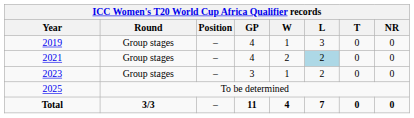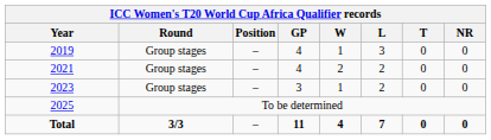 <table class="wikitable" style="text-align: center; width=900px;">
 <tr>
 <th colspan=9><a href='#'>ICC Women's T20 World Cup Africa Qualifier</a> records</th>
 </tr>
 <tr>
 <th width=150>Year</th>
 <th width=150>Round</th>
 <th width=50>Position</th>
 <th width=50>GP</th>
 <th width=50>W</th>
 <th width=50>L</th>
 <th width=50>T</th>
 <th width=50>NR</th>
 </tr>
 <tr>
 <td> <a href='#'>2019</a></td>
 <td>Group stages</td>
 <td>–</td>
 <td>4</td>
 <td>1</td>
 <td>3</td>
 <td>0</td>
 <td>0</td>
 </tr>
 <tr>
 <td> <a href='#'>2021</a></td>
 <td>Group stages</td>
 <td>–</td>
 <td>4</td>
 <td>2</td>
-<td style="background: lightblue;">2</td>
+<td>2</td>
 <td>0</td>
 <td>0</td>
 </tr>
 <tr>
 <td> <a href='#'>2023</a></td>
 <td>Group stages</td>
 <td>–</td>
 <td>3</td>
 <td>1</td>
 <td>2</td>
 <td>0</td>
 <td>0</td>
 </tr>
 <tr>
 <td> <a href='#'>2025</a></td>
 <td colspan=8>To be determined</td>
 </tr>
 <tr>
 <td><strong>Total</strong></td>
 <td><strong>3/3</strong></td>
 <td>–</td>
 <td><strong>11</strong></td>
 <td><strong>4</strong></td>
 <td><strong>7</strong></td>
 <td><strong>0</strong></td>
 <td><strong>0</strong></td>
 </tr>
 </table>
